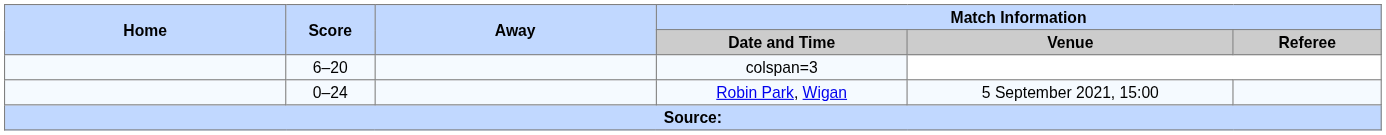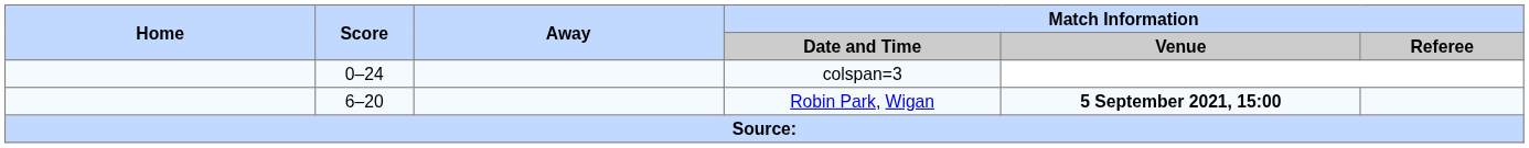 <table border="1" style="border-collapse:collapse; font-size:90%; text-align:center;" cellpadding="3" cellspacing="0" width="100%">
 <tr style="background:#C1D8ff;">
 <th rowspan="2" scope="col" width="19%">Home</th>
 <th rowspan="2" scope="col" width="6%">Score</th>
 <th rowspan="2" scope="col" width="19%">Away</th>
 <th colspan="3">Match Information</th>
 </tr>
 <tr style="background:#CCCCCC;">
 <th scope="col" width="17%">Date and Time</th>
 <th scope="col" width="22%">Venue</th>
 <th scope="col" width="10%">Referee</th>
 </tr>
 <tr style="background:#F5FAFF;">
 <td></td>
-<td>6–20</td>
+<td>0–24</td>
 <td></td>
 <td>colspan=3 </td>
 </tr>
 <tr style="background:#F5FAFF;">
 <td></td>
-<td>0–24</td>
+<td>6–20</td>
 <td></td>
 <td><a href='#'>Robin Park</a>, <a href='#'>Wigan</a></td>
-<td>5 September 2021, 15:00</td>
+<td><strong>5 September 2021, 15:00</strong></td>
 <td></td>
 </tr>
 <tr style="background:#c1d8ff;">
 <th colspan="6">Source:</th>
 </tr>
 </table>
